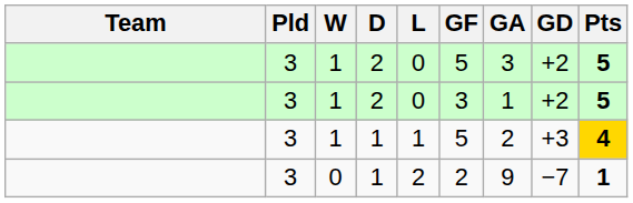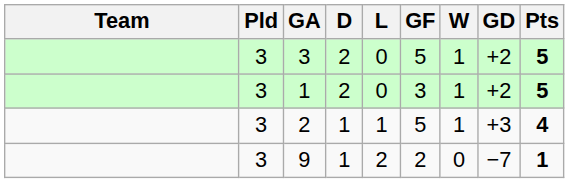 <table class="wikitable" style="text-align: center;">
 <tr>
 <th width=165>Team</th>
 <th width=20>Pld</th>
-<th width=20>W</th>
+<th width=20>GA</th>
 <th width=20>D</th>
 <th width=20>L</th>
 <th width=20>GF</th>
-<th width=20>GA</th>
+<th width=20>W</th>
 <th width=20>GD</th>
 <th width=20>Pts</th>
 </tr>
 <tr style="background:#cfc;">
 <td style="text-align:left;"></td>
 <td>3</td>
-<td>1</td>
+<td>3</td>
 <td>2</td>
 <td>0</td>
 <td>5</td>
-<td>3</td>
+<td>1</td>
 <td>+2</td>
 <td><strong>5</strong></td>
 </tr>
 <tr style="background:#cfc;">
 <td style="text-align:left;"></td>
 <td>3</td>
 <td>1</td>
 <td>2</td>
 <td>0</td>
 <td>3</td>
 <td>1</td>
 <td>+2</td>
 <td><strong>5</strong></td>
 </tr>
 <tr>
 <td style="text-align:left;"></td>
 <td>3</td>
-<td>1</td>
+<td>2</td>
 <td>1</td>
 <td>1</td>
 <td>5</td>
-<td>2</td>
+<td>1</td>
 <td>+3</td>
-<td style="background: gold;"><strong>4</strong></td>
+<td><strong>4</strong></td>
 </tr>
 <tr>
 <td style="text-align:left;"></td>
 <td>3</td>
-<td>0</td>
+<td>9</td>
 <td>1</td>
 <td>2</td>
 <td>2</td>
-<td>9</td>
+<td>0</td>
 <td>−7</td>
 <td><strong>1</strong></td>
 </tr>
 </table>
